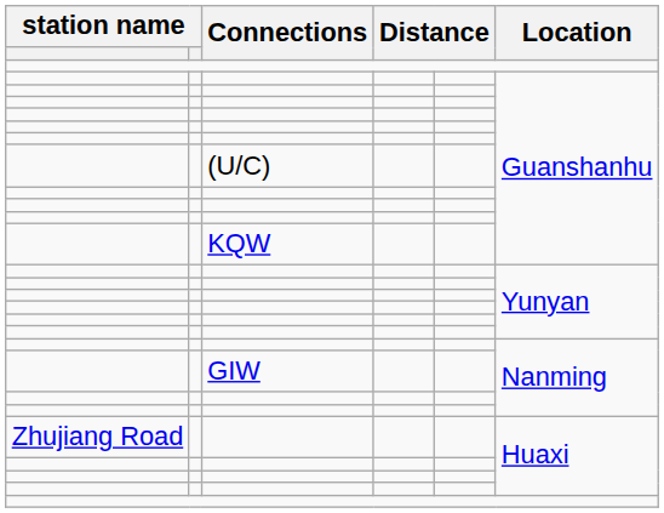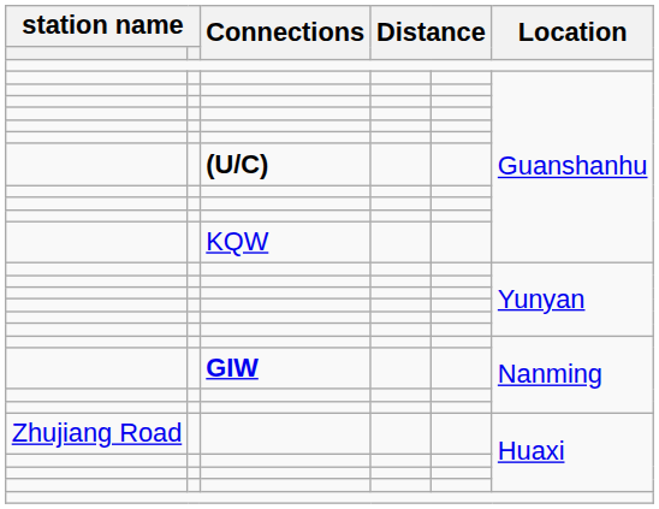 <table class="wikitable">
 <tr>
 <th colspan="2">station name</th>
 <th rowspan="2">Connections</th>
 <th colspan="2" rowspan="2">Distance<br></th>
 <th rowspan="2">Location</th>
 </tr>
 <tr>
 <th></th>
 <th></th>
 </tr>
 <tr style="background:#">
 <td colspan = "7"></td>
 </tr>
 <tr>
 <td></td>
 <td></td>
 <td></td>
 <td></td>
 <td></td>
 <td rowspan="11"><a href='#'>Guanshanhu</a></td>
 </tr>
 <tr>
 <td></td>
 <td></td>
 <td></td>
 <td></td>
 <td></td>
 </tr>
 <tr>
 <td></td>
 <td></td>
 <td></td>
 <td></td>
 <td></td>
 </tr>
 <tr>
 <td></td>
 <td></td>
 <td></td>
 <td></td>
 <td></td>
 </tr>
 <tr>
 <td></td>
 <td></td>
 <td></td>
 <td></td>
 <td></td>
 </tr>
 <tr>
 <td></td>
 <td></td>
 <td></td>
 <td></td>
 <td></td>
 </tr>
 <tr>
 <td></td>
 <td></td>
-<td> (U/C)</td>
+<td><strong> (U/C)</strong></td>
 <td></td>
 <td></td>
 </tr>
 <tr>
 <td></td>
 <td></td>
 <td></td>
 <td></td>
 <td></td>
 </tr>
 <tr>
 <td></td>
 <td></td>
 <td></td>
 <td></td>
 <td></td>
 </tr>
 <tr>
 <td></td>
 <td></td>
 <td></td>
 <td></td>
 <td></td>
 </tr>
 <tr>
 <td></td>
 <td></td>
 <td>  <a href='#'>KQW</a></td>
 <td></td>
 <td></td>
 </tr>
 <tr>
 <td></td>
 <td></td>
 <td></td>
 <td></td>
 <td></td>
 <td rowspan="6"><a href='#'>Yunyan</a></td>
 </tr>
 <tr>
 <td></td>
 <td></td>
 <td></td>
 <td></td>
 <td></td>
 </tr>
 <tr>
 <td></td>
 <td></td>
 <td></td>
 <td></td>
 <td></td>
 </tr>
 <tr>
 <td></td>
 <td></td>
 <td></td>
 <td></td>
 <td></td>
 </tr>
 <tr>
 <td></td>
 <td></td>
 <td></td>
 <td></td>
 <td></td>
 </tr>
 <tr>
 <td></td>
 <td></td>
 <td></td>
 <td></td>
 <td></td>
 </tr>
 <tr>
 <td></td>
 <td></td>
 <td></td>
 <td></td>
 <td></td>
 <td rowspan="4"><a href='#'>Nanming</a></td>
 </tr>
 <tr>
 <td></td>
 <td></td>
-<td>  <a href='#'>GIW</a></td>
+<td><strong>  <a href='#'>GIW</a></strong></td>
 <td></td>
 <td></td>
 </tr>
 <tr>
 <td></td>
 <td></td>
 <td></td>
 <td></td>
 <td></td>
 </tr>
 <tr>
 <td></td>
 <td></td>
 <td></td>
 <td></td>
 <td></td>
 </tr>
 <tr>
 <td><a href='#'>Zhujiang Road</a></td>
 <td></td>
 <td></td>
 <td></td>
 <td></td>
 <td rowspan="4"><a href='#'>Huaxi</a></td>
 </tr>
 <tr>
 <td></td>
 <td></td>
 <td></td>
 <td></td>
 <td></td>
 </tr>
 <tr>
 <td></td>
 <td></td>
 <td></td>
 <td></td>
 <td></td>
 </tr>
 <tr>
 <td></td>
 <td></td>
 <td></td>
 <td></td>
 <td></td>
 </tr>
 <tr style="background:#">
 <td colspan = "7"></td>
 </tr>
 </table>
